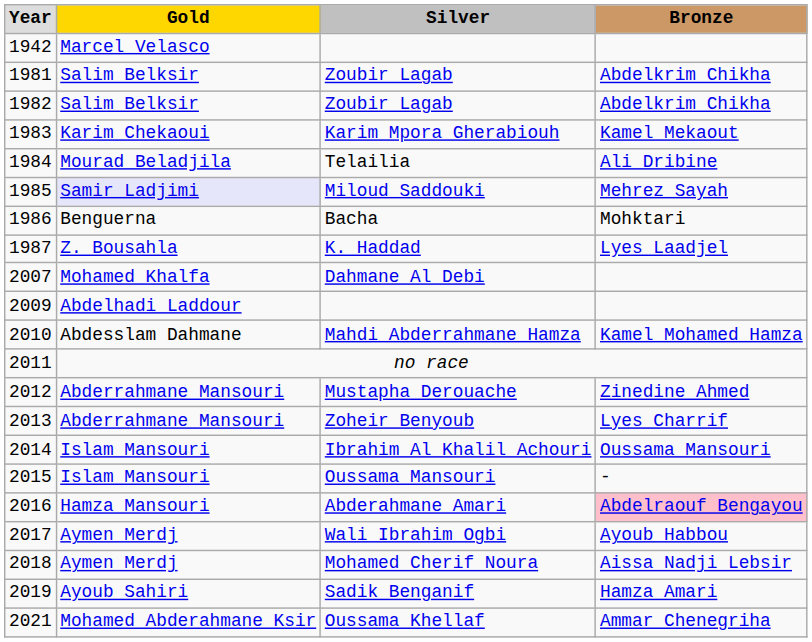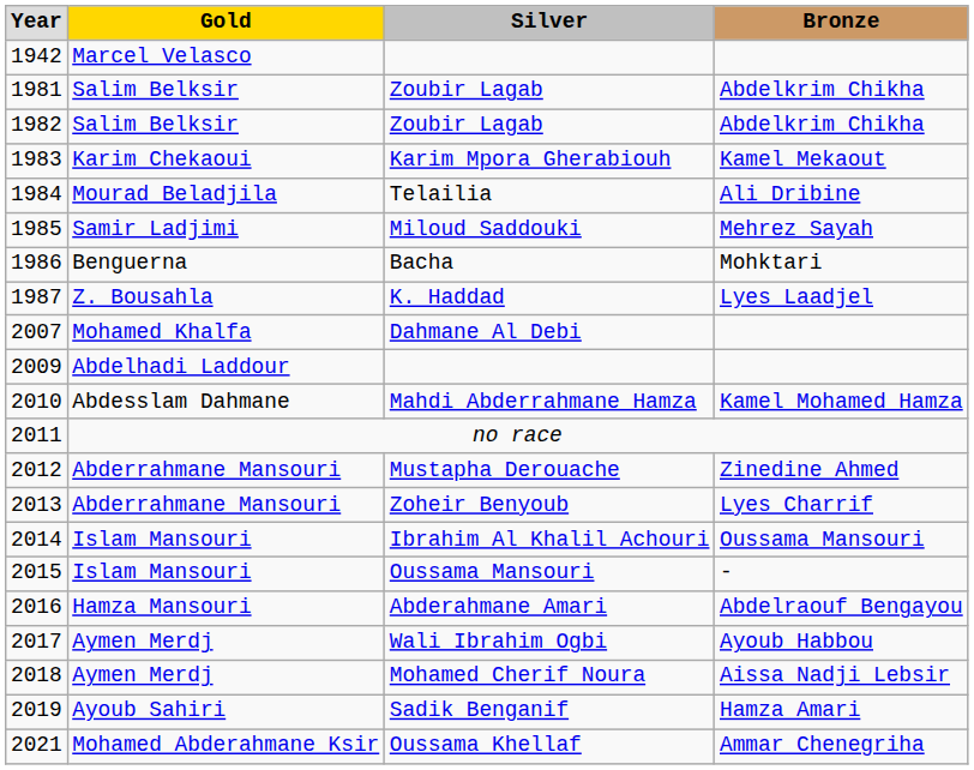 <table class="wikitable sortable" style="font-size:95%">
 <tr style="text-align:center; background:#e4e4e4; font-weight:bold;">
 <td style="background:#ddd; ">Year</td>
 <td style="background:gold; ">Gold</td>
 <td style="background:silver; ">Silver</td>
 <td style="background:#c96; ">Bronze</td>
 </tr>
 <tr>
 <td>1942</td>
 <td> <a href='#'>Marcel Velasco</a></td>
 <td></td>
 <td></td>
 </tr>
 <tr>
 <td>1981</td>
 <td><a href='#'>Salim Belksir</a></td>
 <td><a href='#'>Zoubir Lagab</a></td>
 <td><a href='#'>Abdelkrim Chikha</a></td>
 </tr>
 <tr>
 <td>1982</td>
 <td><a href='#'>Salim Belksir</a></td>
 <td><a href='#'>Zoubir Lagab</a></td>
 <td><a href='#'>Abdelkrim Chikha</a></td>
 </tr>
 <tr>
 <td>1983</td>
 <td><a href='#'>Karim Chekaoui</a></td>
 <td><a href='#'>Karim Mpora Gherabiouh</a></td>
 <td><a href='#'>Kamel Mekaout</a></td>
 </tr>
 <tr>
 <td>1984</td>
 <td><a href='#'>Mourad Beladjila</a></td>
 <td>Telailia</td>
 <td><a href='#'>Ali Dribine</a></td>
 </tr>
 <tr>
 <td>1985</td>
-<td style="background: lavender;"><a href='#'>Samir Ladjimi</a></td>
+<td><a href='#'>Samir Ladjimi</a></td>
 <td><a href='#'>Miloud Saddouki</a></td>
 <td><a href='#'>Mehrez Sayah</a></td>
 </tr>
 <tr>
 <td>1986</td>
 <td>Benguerna</td>
 <td>Bacha</td>
 <td>Mohktari</td>
 </tr>
 <tr>
 <td>1987</td>
 <td><a href='#'>Z. Bousahla</a></td>
 <td><a href='#'>K. Haddad</a></td>
 <td><a href='#'>Lyes Laadjel</a></td>
 </tr>
 <tr>
 <td>2007</td>
 <td><a href='#'>Mohamed Khalfa</a></td>
 <td><a href='#'>Dahmane Al Debi</a></td>
 <td></td>
 </tr>
 <tr>
 <td>2009</td>
 <td><a href='#'>Abdelhadi Laddour</a></td>
 <td></td>
 <td></td>
 </tr>
 <tr>
 <td>2010</td>
 <td>Abdesslam Dahmane</td>
 <td><a href='#'>Mahdi Abderrahmane Hamza</a></td>
 <td><a href='#'>Kamel Mohamed Hamza</a></td>
 </tr>
 <tr>
 <td>2011</td>
 <td colspan=3; align=center><em>no race</em></td>
 </tr>
 <tr>
 <td>2012</td>
 <td><a href='#'>Abderrahmane Mansouri</a></td>
 <td><a href='#'>Mustapha Derouache</a></td>
 <td><a href='#'>Zinedine Ahmed</a></td>
 </tr>
 <tr>
 <td>2013</td>
 <td><a href='#'>Abderrahmane Mansouri</a></td>
 <td><a href='#'>Zoheir Benyoub</a></td>
 <td><a href='#'>Lyes Charrif</a></td>
 </tr>
 <tr>
 <td>2014</td>
 <td><a href='#'>Islam Mansouri</a></td>
 <td><a href='#'>Ibrahim Al Khalil Achouri</a></td>
 <td><a href='#'>Oussama Mansouri</a></td>
 </tr>
 <tr>
 <td>2015</td>
 <td><a href='#'>Islam Mansouri</a></td>
 <td><a href='#'>Oussama Mansouri</a></td>
 <td>-</td>
 </tr>
 <tr>
 <td>2016</td>
 <td><a href='#'>Hamza Mansouri</a></td>
 <td><a href='#'>Abderahmane Amari</a></td>
-<td style="background: pink;"><a href='#'>Abdelraouf Bengayou</a></td>
+<td><a href='#'>Abdelraouf Bengayou</a></td>
 </tr>
 <tr>
 <td>2017</td>
 <td><a href='#'>Aymen Merdj</a></td>
 <td><a href='#'>Wali Ibrahim Ogbi</a></td>
 <td><a href='#'>Ayoub Habbou</a></td>
 </tr>
 <tr>
 <td>2018</td>
 <td><a href='#'>Aymen Merdj</a></td>
 <td><a href='#'>Mohamed Cherif Noura</a></td>
 <td><a href='#'>Aissa Nadji Lebsir</a></td>
 </tr>
 <tr>
 <td>2019</td>
 <td><a href='#'>Ayoub Sahiri</a></td>
 <td><a href='#'>Sadik Benganif</a></td>
 <td><a href='#'>Hamza Amari</a></td>
 </tr>
 <tr>
 <td>2021</td>
 <td><a href='#'>Mohamed Abderahmane Ksir</a></td>
 <td><a href='#'>Oussama Khellaf</a></td>
 <td><a href='#'>Ammar Chenegriha</a></td>
 </tr>
 </table>
